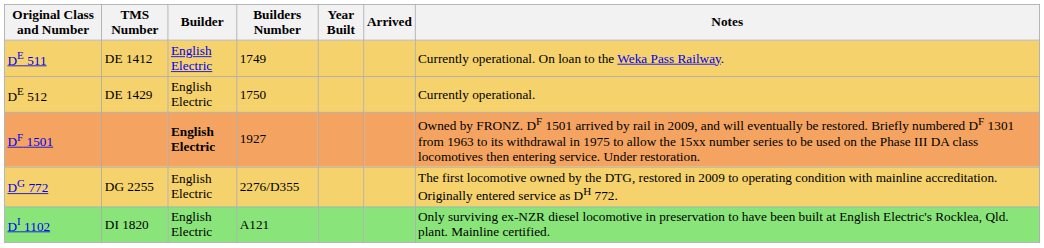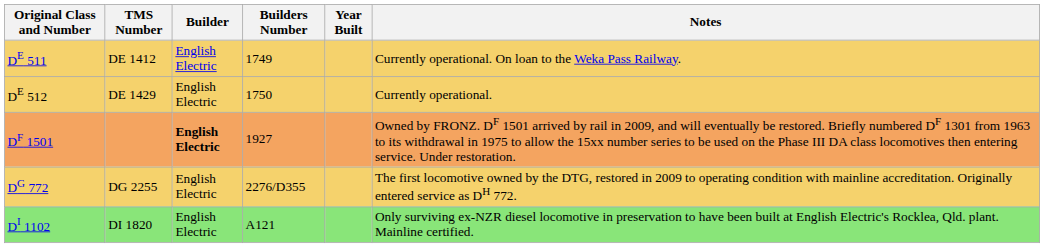 <table class="sortable wikitable" border="1">
 <tr>
 <th>Original Class and Number</th>
 <th>TMS Number</th>
 <th>Builder</th>
 <th>Builders Number</th>
 <th>Year Built</th>
-<th>Arrived</th>
 <th>Notes</th>
 </tr>
 <tr style="background:#F5D26C;">
 <td><a href='#'>D<sup>E</sup> 511</a></td>
 <td>DE 1412</td>
 <td><a href='#'>English Electric</a></td>
 <td>1749</td>
-<td></td>
 <td></td>
 <td>Currently operational. On loan to the <a href='#'>Weka Pass Railway</a>.</td>
 </tr>
 <tr style="background:#F5D26C;">
 <td>D<sup>E</sup> 512</td>
 <td>DE 1429</td>
 <td>English Electric</td>
 <td>1750</td>
 <td></td>
-<td></td>
 <td>Currently operational.</td>
 </tr>
 <tr style="background:#f4a460">
 <td><a href='#'>D<sup>F</sup> 1501</a></td>
 <td></td>
 <td><strong>English Electric</strong></td>
 <td>1927</td>
-<td></td>
 <td></td>
 <td>Owned by FRONZ. D<sup>F</sup> 1501 arrived by rail in 2009, and will eventually be restored. Briefly numbered D<sup>F</sup> 1301 from 1963 to its withdrawal in 1975 to allow the 15xx number series to be used on the Phase III DA class locomotives then entering service. Under restoration.</td>
 </tr>
 <tr style="background:#F5D26C;">
 <td><a href='#'>D<sup>G</sup> 772</a></td>
 <td>DG 2255</td>
 <td>English Electric</td>
 <td>2276/D355</td>
 <td></td>
-<td></td>
 <td>The first locomotive owned by the DTG, restored in 2009 to operating condition with mainline accreditation. Originally entered service as D<sup>H</sup> 772.</td>
 </tr>
 <tr style="background:#89E579;">
 <td><a href='#'>D<sup>I</sup> 1102</a></td>
 <td>DI 1820</td>
 <td>English Electric</td>
 <td>A121</td>
 <td></td>
-<td></td>
 <td>Only surviving ex-NZR diesel locomotive in preservation to have been built at English Electric's Rocklea, Qld. plant. Mainline certified.</td>
 </tr>
 </table>
